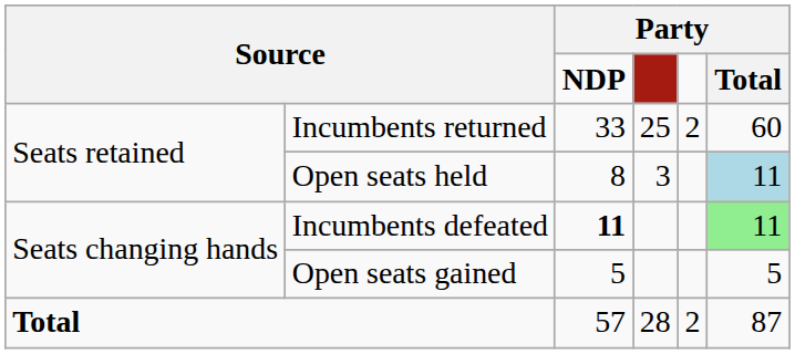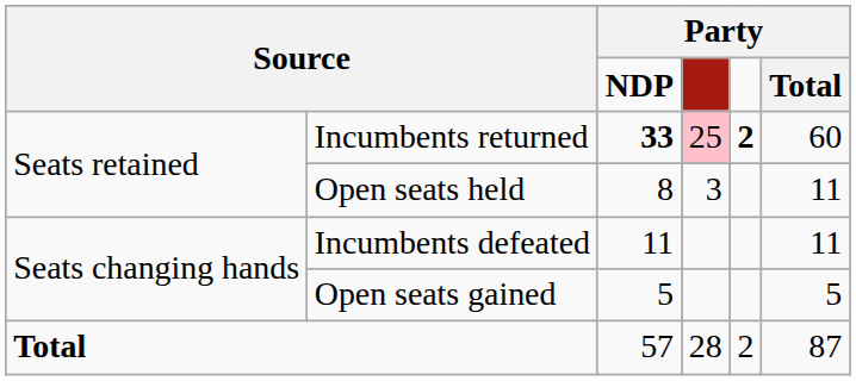 <table class="wikitable" style="text-align:right;">
 <tr>
 <th colspan="2" rowspan="2">Source</th>
 <th colspan="4">Party</th>
 </tr>
 <tr>
 <td><strong>NDP</strong></td>
 <td style="background: #A51B12; color: white; text-align: center;"><strong></strong></td>
 <td><strong></strong></td>
 <th>Total</th>
 </tr>
 <tr>
 <td rowspan="2" style="text-align:left;">Seats retained</td>
 <td style="text-align:left;">Incumbents returned</td>
-<td>33</td>
-<td>25</td>
-<td>2</td>
+<td><strong>33</strong></td>
+<td style="background: pink;">25</td>
+<td><strong>2</strong></td>
 <td>60</td>
 </tr>
 <tr>
 <td style="text-align:left;">Open seats held</td>
 <td>8</td>
 <td>3</td>
 <td></td>
-<td style="background: lightblue;">11</td>
+<td>11</td>
 </tr>
 <tr>
 <td rowspan="2" style="text-align:left;">Seats changing hands</td>
 <td style="text-align:left;">Incumbents defeated</td>
-<td><strong>11</strong></td>
+<td>11</td>
 <td></td>
 <td></td>
-<td style="background: lightgreen;">11</td>
+<td>11</td>
 </tr>
 <tr>
 <td style="text-align:left;">Open seats gained</td>
 <td>5</td>
 <td></td>
 <td></td>
 <td>5</td>
 </tr>
 <tr>
 <td colspan="2" style="text-align:left;"><strong>Total</strong></td>
 <td>57</td>
 <td>28</td>
 <td>2</td>
 <td>87</td>
 </tr>
 </table>
